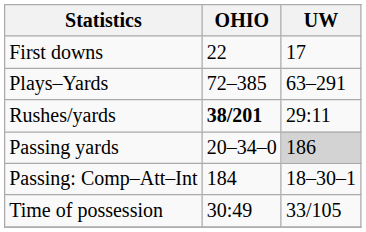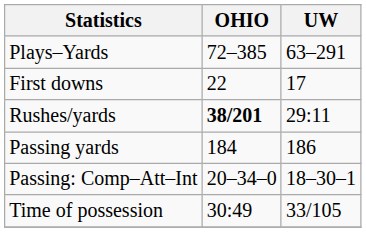 <table class="wikitable" style="float: left;">
 <tr>
 <th>Statistics</th>
 <th>OHIO</th>
 <th>UW</th>
 </tr>
 <tr>
+<td>Plays–Yards</td>
+<td>72–385</td>
+<td>63–291</td>
+</tr>
+<tr>
 <td>First downs</td>
 <td>22</td>
 <td>17</td>
-</tr>
-<tr>
-<td>Plays–Yards</td>
-<td>72–385</td>
-<td>63–291</td>
 </tr>
 <tr>
 <td>Rushes/yards</td>
 <td><strong>38/201</strong></td>
 <td>29:11</td>
 </tr>
 <tr>
 <td>Passing yards</td>
-<td>20–34–0</td>
-<td style="background: lightgrey;">186</td>
+<td>184</td>
+<td>186</td>
 </tr>
 <tr>
 <td>Passing: Comp–Att–Int</td>
-<td>184</td>
+<td>20–34–0</td>
 <td>18–30–1</td>
 </tr>
 <tr>
 <td>Time of possession</td>
 <td>30:49</td>
 <td>33/105</td>
 </tr>
 <tr>
 </tr>
 </table>
